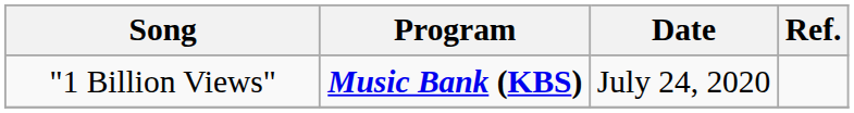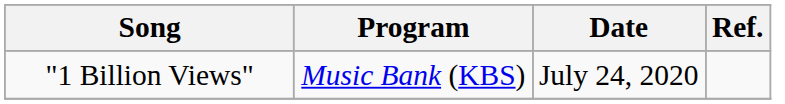 <table class="wikitable sortable" style="text-align:center;">
 <tr>
 <th width="150">Song</th>
 <th>Program</th>
 <th>Date</th>
 <th>Ref.</th>
 </tr>
 <tr>
 <td>"1 Billion Views"</td>
-<td><strong><em><a href='#'>Music Bank</a></em> (<a href='#'>KBS</a>)</strong></td>
+<td><em><a href='#'>Music Bank</a></em> (<a href='#'>KBS</a>)</td>
 <td>July 24, 2020</td>
 <td></td>
 </tr>
 <tr>
 </tr>
 </table>
